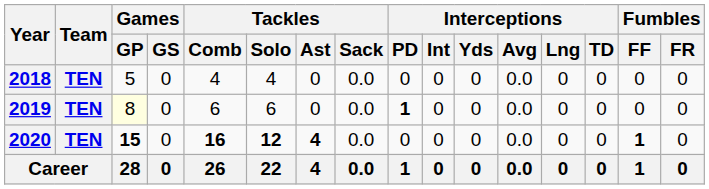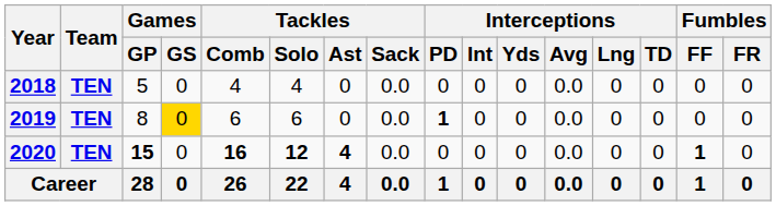 <table class="wikitable" style="text-align:center">
 <tr>
 <th rowspan="2">Year</th>
 <th rowspan="2">Team</th>
 <th colspan="2">Games</th>
 <th colspan="4">Tackles</th>
 <th colspan="6">Interceptions</th>
 <th colspan="2">Fumbles</th>
 </tr>
 <tr>
 <th>GP</th>
 <th>GS</th>
 <th>Comb</th>
 <th>Solo</th>
 <th>Ast</th>
 <th>Sack</th>
 <th>PD</th>
 <th>Int</th>
 <th>Yds</th>
 <th>Avg</th>
 <th>Lng</th>
 <th>TD</th>
 <th>FF</th>
 <th>FR</th>
 </tr>
 <tr>
 <th><a href='#'>2018</a></th>
 <th><a href='#'>TEN</a></th>
 <td>5</td>
 <td>0</td>
 <td>4</td>
 <td>4</td>
 <td>0</td>
 <td>0.0</td>
 <td>0</td>
 <td>0</td>
 <td>0</td>
 <td>0.0</td>
 <td>0</td>
 <td>0</td>
 <td>0</td>
 <td>0</td>
 </tr>
 <tr>
 <th><a href='#'>2019</a></th>
 <th><a href='#'>TEN</a></th>
-<td style="background: lightyellow;">8</td>
-<td>0</td>
+<td>8</td>
+<td style="background: gold;">0</td>
 <td>6</td>
 <td>6</td>
 <td>0</td>
 <td>0.0</td>
 <td><strong>1</strong></td>
 <td>0</td>
 <td>0</td>
 <td>0.0</td>
 <td>0</td>
 <td>0</td>
 <td>0</td>
 <td>0</td>
 </tr>
 <tr>
 <th><a href='#'>2020</a></th>
 <th><a href='#'>TEN</a></th>
 <td><strong>15</strong></td>
 <td>0</td>
 <td><strong>16</strong></td>
 <td><strong>12</strong></td>
 <td><strong>4</strong></td>
 <td>0.0</td>
 <td>0</td>
 <td>0</td>
 <td>0</td>
 <td>0.0</td>
 <td>0</td>
 <td>0</td>
 <td><strong>1</strong></td>
 <td>0</td>
 </tr>
 <tr>
 <th colspan="2">Career</th>
 <th>28</th>
 <th>0</th>
 <th>26</th>
 <th>22</th>
 <th>4</th>
 <th>0.0</th>
 <th>1</th>
 <th>0</th>
 <th>0</th>
 <th>0.0</th>
 <th>0</th>
 <th>0</th>
 <th>1</th>
 <th>0</th>
 </tr>
 </table>
